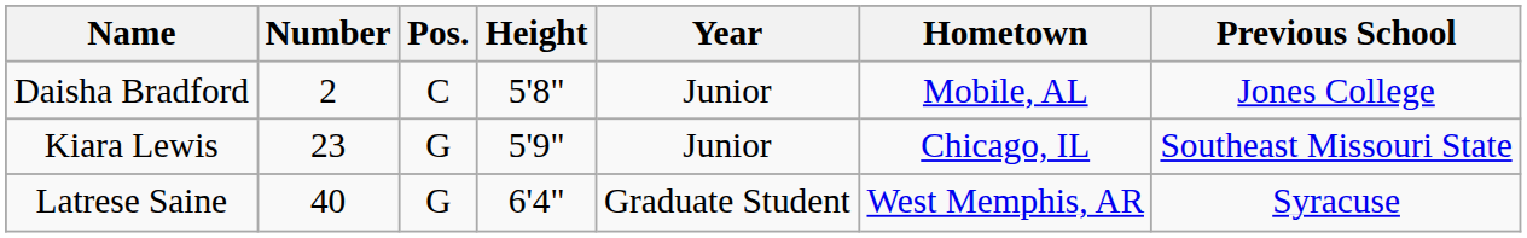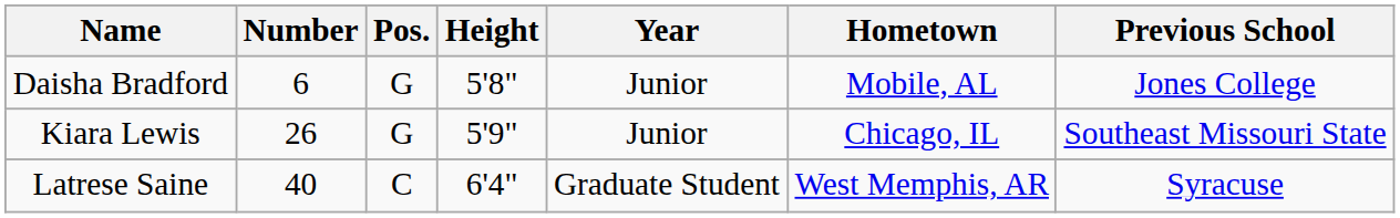 <table class="wikitable sortable" border="1" style="text-align: center;">
 <tr align=center>
 <th>Name</th>
 <th>Number</th>
 <th>Pos.</th>
 <th>Height</th>
 <th>Year</th>
 <th>Hometown</th>
 <th>Previous School</th>
 </tr>
 <tr>
 <td>Daisha Bradford</td>
-<td>2</td>
-<td>C</td>
+<td>6</td>
+<td>G</td>
 <td>5'8"</td>
 <td>Junior</td>
 <td><a href='#'>Mobile, AL</a></td>
 <td><a href='#'>Jones College</a></td>
 </tr>
 <tr>
 <td>Kiara Lewis</td>
-<td>23</td>
+<td>26</td>
 <td>G</td>
 <td>5'9"</td>
 <td>Junior</td>
 <td><a href='#'>Chicago, IL</a></td>
 <td><a href='#'>Southeast Missouri State</a></td>
 </tr>
 <tr>
 <td>Latrese Saine</td>
 <td>40</td>
-<td>G</td>
+<td>C</td>
 <td>6'4"</td>
 <td>Graduate Student</td>
 <td><a href='#'>West Memphis, AR</a></td>
 <td><a href='#'>Syracuse</a></td>
 </tr>
 </table>
